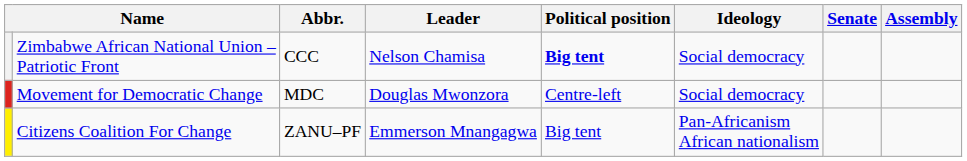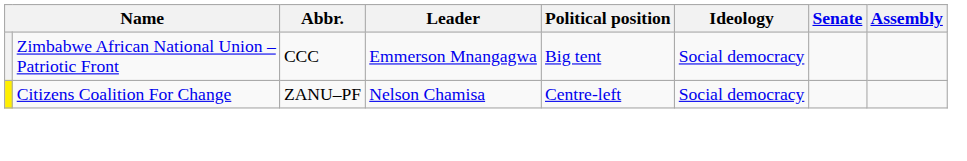 <table class="wikitable">
 <tr>
 <th colspan=2>Name</th>
 <th>Abbr.</th>
 <th>Leader</th>
 <th>Political position</th>
 <th>Ideology</th>
 <th><a href='#'>Senate</a></th>
 <th><a href='#'>Assembly</a></th>
 </tr>
 <tr>
 <th style="background-color: "></th>
 <td><a href='#'>Zimbabwe African National Union –<br>Patriotic Front</a></td>
 <td>CCC</td>
-<td><a href='#'>Nelson Chamisa</a></td>
-<td><strong><a href='#'>Big tent</a></strong></td>
-<td><a href='#'>Social democracy</a></td>
-<td></td>
-<td></td>
-</tr>
-<tr>
-<th style="background-color:#DC241F"></th>
-<td><a href='#'>Movement for Democratic Change</a></td>
-<td>MDC</td>
-<td><a href='#'>Douglas Mwonzora</a></td>
-<td><a href='#'>Centre-left</a></td>
+<td><a href='#'>Emmerson Mnangagwa</a></td>
+<td><a href='#'>Big tent</a></td>
 <td><a href='#'>Social democracy</a></td>
 <td></td>
 <td></td>
 </tr>
 <tr>
 <th style="background-color:#FFEF00"></th>
 <td><a href='#'>Citizens Coalition For Change</a></td>
 <td>ZANU–PF</td>
-<td><a href='#'>Emmerson Mnangagwa</a></td>
-<td><a href='#'>Big tent</a></td>
-<td><a href='#'>Pan-Africanism</a><br><a href='#'>African nationalism</a></td>
+<td><a href='#'>Nelson Chamisa</a></td>
+<td><a href='#'>Centre-left</a></td>
+<td><a href='#'>Social democracy</a></td>
 <td></td>
 <td></td>
 </tr>
 </table>
